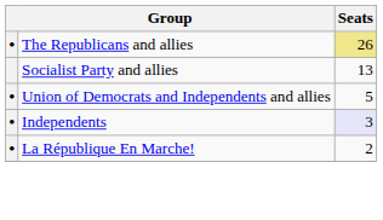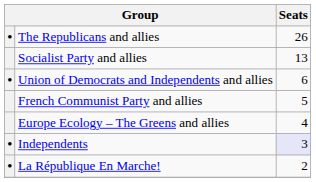 <table class="wikitable" style="font-size: 95%;">
 <tr>
 <th colspan=2>Group</th>
 <th>Seats</th>
 </tr>
 <tr>
 <th style="background-color: "><span>•</span></th>
 <td><a href='#'>The Republicans</a> and allies</td>
-<td align="right" style="background: khaki;">26</td>
+<td align="right">26</td>
 </tr>
 <tr>
 <th style="background-color: "></th>
 <td><a href='#'>Socialist Party</a> and allies</td>
 <td align="right">13</td>
 </tr>
 <tr>
 <th style="background-color: "><span>•</span></th>
 <td><a href='#'>Union of Democrats and Independents</a> and allies</td>
+<td align="right">6</td>
+</tr>
+<tr>
+<th style="background-color: "></th>
+<td><a href='#'>French Communist Party</a> and allies</td>
 <td align="right">5</td>
+</tr>
+<tr>
+<th style="background-color: "></th>
+<td><a href='#'>Europe Ecology – The Greens</a> and allies</td>
+<td align="right">4</td>
 </tr>
 <tr>
 <th style="background-color: "><span>•</span></th>
 <td><a href='#'>Independents</a></td>
 <td align="right" style="background: lavender;">3</td>
 </tr>
 <tr>
 <th style="background-color: "><span>•</span></th>
 <td><a href='#'>La République En Marche!</a></td>
 <td align="right">2</td>
 </tr>
 <tr>
 </tr>
 </table>
